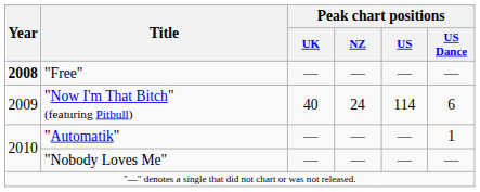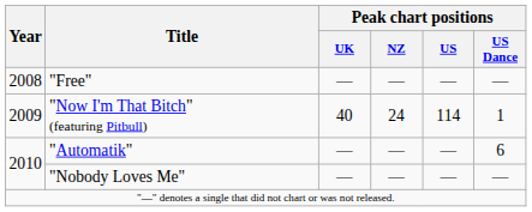 <table class="wikitable" style=text-align:center;>
 <tr>
 <th rowspan="2">Year</th>
 <th rowspan="2" width="260">Title</th>
 <th colspan="4">Peak chart positions</th>
 </tr>
 <tr>
 <th style="width:3.5em;font-size:80%"><a href='#'>UK</a><br></th>
 <th style="width:3.5em;font-size:80%"><a href='#'>NZ</a><br></th>
 <th style="width:3.5em;font-size:80%"><a href='#'>US</a><br></th>
 <th style="width:3.5em;font-size:80%"><a href='#'>US Dance</a></th>
 </tr>
 <tr>
-<td><strong>2008</strong></td>
+<td>2008</td>
 <td align="left">"Free" </td>
 <td>—</td>
 <td>—</td>
 <td>—</td>
 <td>—</td>
 </tr>
 <tr>
 <td>2009</td>
 <td align="left">"<a href='#'>Now I'm That Bitch</a>"<br><small>(featuring <a href='#'>Pitbull</a>)</small></td>
 <td>40</td>
 <td>24</td>
 <td>114</td>
-<td>6</td>
+<td>1</td>
 </tr>
 <tr>
 <td rowspan="2">2010</td>
 <td align="left">"<a href='#'>Automatik</a>"</td>
 <td>—</td>
 <td>—</td>
 <td>—</td>
-<td>1</td>
+<td>6</td>
 </tr>
 <tr>
 <td align="left">"Nobody Loves Me"</td>
 <td>—</td>
 <td>—</td>
 <td>—</td>
 <td>—</td>
 </tr>
 <tr>
 <td colspan="15" style="font-size: 8pt">"—" denotes a single that did not chart or was not released.</td>
 </tr>
 </table>
